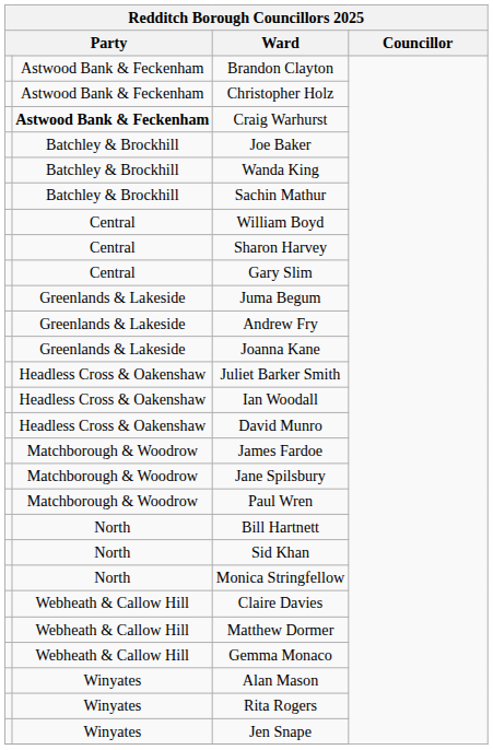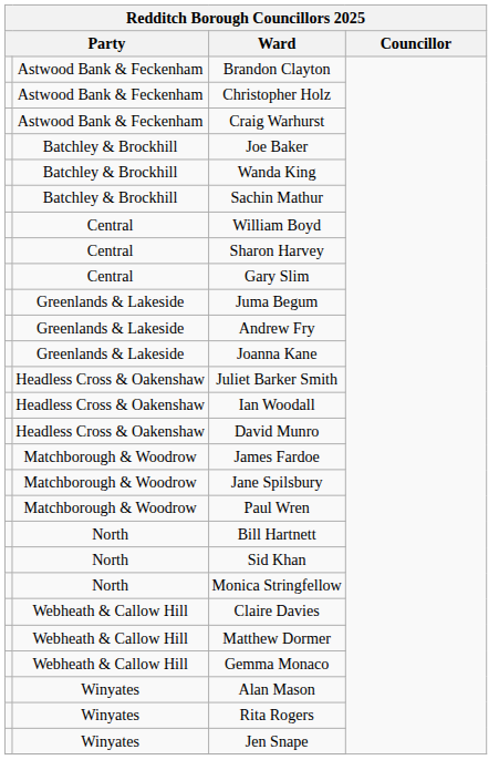 <table class="wikitable" style="font-size: 95%;">
 <tr>
 <th colspan="4">Redditch Borough Councillors 2025</th>
 </tr>
 <tr>
 <th colspan="2">Party</th>
 <th style="text-align:center;">Ward</th>
 <th style="width: 130px">Councillor</th>
 </tr>
 <tr>
 <td></td>
 <td style="text-align:center;">Astwood Bank & Feckenham</td>
 <td style="text-align:center;">Brandon Clayton</td>
 </tr>
 <tr>
 <td></td>
 <td style="text-align:center;">Astwood Bank & Feckenham</td>
 <td style="text-align:center;">Christopher Holz</td>
 </tr>
 <tr>
 <td></td>
-<td style="text-align:center;"><strong>Astwood Bank & Feckenham</strong></td>
+<td style="text-align:center;">Astwood Bank & Feckenham</td>
 <td style="text-align:center;">Craig Warhurst</td>
 </tr>
 <tr>
 <td></td>
 <td style="text-align:center;">Batchley & Brockhill</td>
 <td style="text-align:center;">Joe Baker</td>
 </tr>
 <tr>
 <td></td>
 <td style="text-align:center;">Batchley & Brockhill</td>
 <td style="text-align:center;">Wanda King</td>
 </tr>
 <tr>
 <td></td>
 <td style="text-align:center;">Batchley & Brockhill</td>
 <td style="text-align:center;">Sachin Mathur</td>
 </tr>
 <tr>
 <td></td>
 <td style="text-align:center;">Central</td>
 <td style="text-align:center;">William Boyd</td>
 </tr>
 <tr>
 <td></td>
 <td style="text-align:center;">Central</td>
 <td style="text-align:center;">Sharon Harvey</td>
 </tr>
 <tr>
 <td></td>
 <td style="text-align:center;">Central</td>
 <td style="text-align:center;">Gary Slim</td>
 </tr>
 <tr>
 <td></td>
 <td style="text-align:center;">Greenlands & Lakeside</td>
 <td style="text-align:center;">Juma Begum</td>
 </tr>
 <tr>
 <td></td>
 <td style="text-align:center;">Greenlands & Lakeside</td>
 <td style="text-align:center;">Andrew Fry</td>
 </tr>
 <tr>
 <td></td>
 <td style="text-align:center;">Greenlands & Lakeside</td>
 <td style="text-align:center;">Joanna Kane</td>
 </tr>
 <tr>
 <td></td>
 <td style="text-align:center;">Headless Cross & Oakenshaw</td>
 <td style="text-align:center;">Juliet Barker Smith</td>
 </tr>
 <tr>
 <td></td>
 <td style="text-align:center;">Headless Cross & Oakenshaw</td>
 <td style="text-align:center;">Ian Woodall</td>
 </tr>
 <tr>
 <td></td>
 <td style="text-align:center;">Headless Cross & Oakenshaw</td>
 <td style="text-align:center;">David Munro</td>
 </tr>
 <tr>
 <td></td>
 <td style="text-align:center;">Matchborough & Woodrow</td>
 <td style="text-align:center;">James Fardoe</td>
 </tr>
 <tr>
 <td></td>
 <td style="text-align:center;">Matchborough & Woodrow</td>
 <td style="text-align:center;">Jane Spilsbury</td>
 </tr>
 <tr>
 <td></td>
 <td style="text-align:center;">Matchborough & Woodrow</td>
 <td style="text-align:center;">Paul Wren</td>
 </tr>
 <tr>
 <td></td>
 <td style="text-align:center;">North</td>
 <td style="text-align:center;">Bill Hartnett</td>
 </tr>
 <tr>
 <td></td>
 <td style="text-align:center;">North</td>
 <td style="text-align:center;">Sid Khan</td>
 </tr>
 <tr>
 <td></td>
 <td style="text-align:center;">North</td>
 <td style="text-align:center;">Monica Stringfellow</td>
 </tr>
 <tr>
 <td></td>
 <td style="text-align:center;">Webheath & Callow Hill</td>
 <td style="text-align:center;">Claire Davies</td>
 </tr>
 <tr>
 <td></td>
 <td style="text-align:center;">Webheath & Callow Hill</td>
 <td style="text-align:center;">Matthew Dormer</td>
 </tr>
 <tr>
 <td></td>
 <td style="text-align:center;">Webheath & Callow Hill</td>
 <td style="text-align:center;">Gemma Monaco</td>
 </tr>
 <tr>
 <td></td>
 <td style="text-align:center;">Winyates</td>
 <td style="text-align:center;">Alan Mason</td>
 </tr>
 <tr>
 <td></td>
 <td style="text-align:center;">Winyates</td>
 <td style="text-align:center;">Rita Rogers</td>
 </tr>
 <tr>
 <td></td>
 <td style="text-align:center;">Winyates</td>
 <td style="text-align:center;">Jen Snape</td>
 </tr>
 <tr>
 </tr>
 <tr style="background:#e9e9e9;">
 </tr>
 </table>
